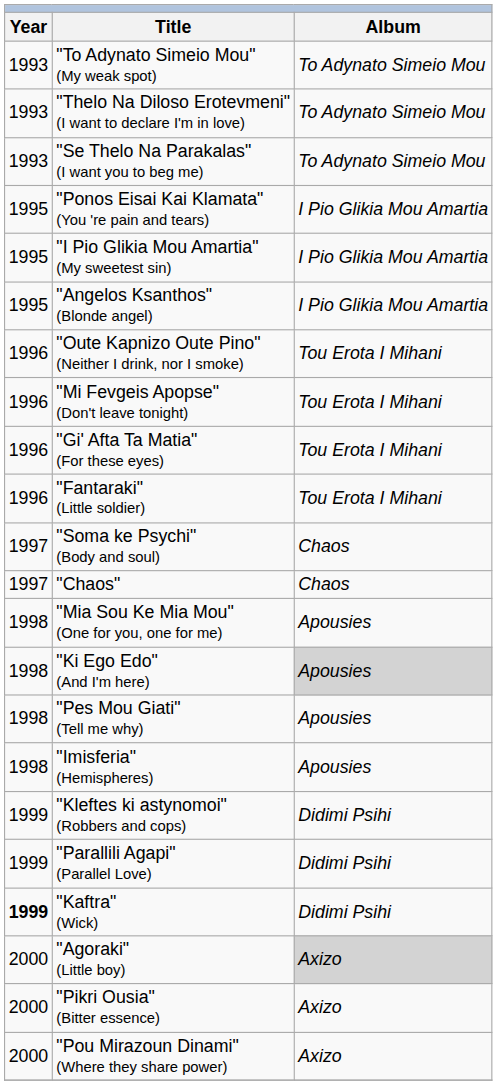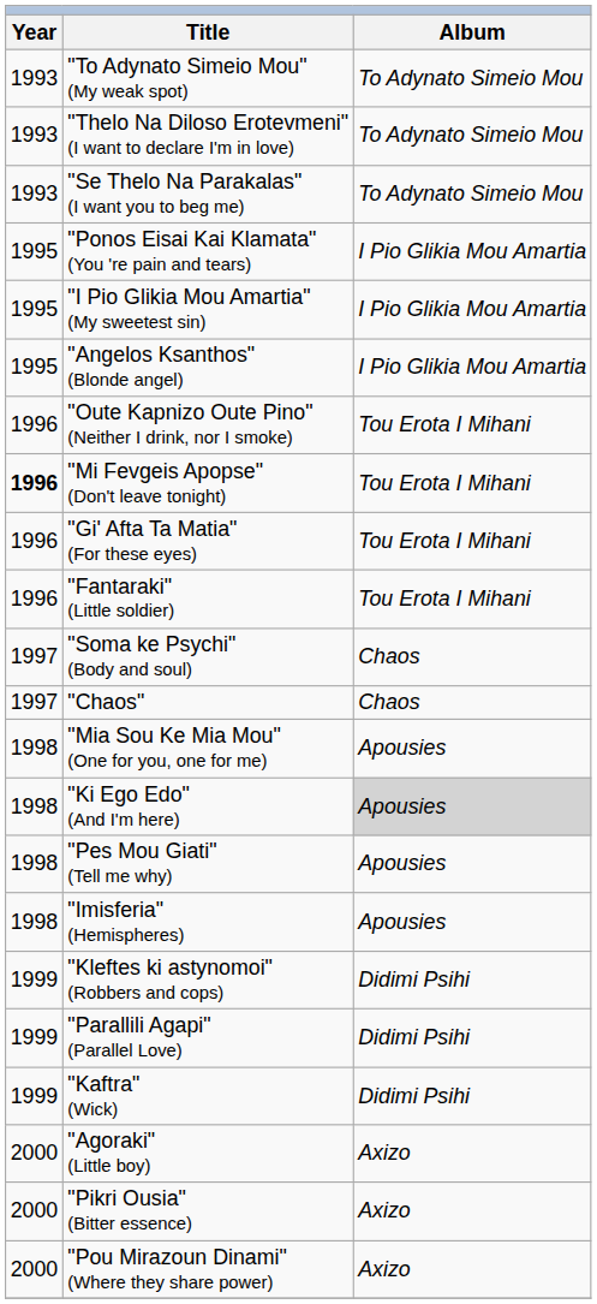 <table class="wikitable">
 <tr>
 <th colspan="4" style="background: LightSteelBlue;"></th>
 </tr>
 <tr style="background:#ccc; text-align:center;">
 <th>Year</th>
 <th>Title</th>
 <th>Album</th>
 </tr>
 <tr>
 <td>1993</td>
 <td>"To Adynato Simeio Mou"<br><small>(My weak spot)</small></td>
 <td><em>To Adynato Simeio Mou</em></td>
 </tr>
 <tr>
 <td>1993</td>
 <td>"Thelo Na Diloso Erotevmeni"<br><small>(I want to declare I'm in love)</small></td>
 <td><em>To Adynato Simeio Mou</em></td>
 </tr>
 <tr>
 <td>1993</td>
 <td>"Se Thelo Na Parakalas"<br><small>(I want you to beg me)</small></td>
 <td><em>To Adynato Simeio Mou</em></td>
 </tr>
 <tr>
 <td>1995</td>
 <td>"Ponos Eisai Kai Klamata"<br><small>(You 're pain and tears)</small></td>
 <td><em>I Pio Glikia Mou Amartia</em></td>
 </tr>
 <tr>
 <td>1995</td>
 <td>"I Pio Glikia Mou Amartia"<br><small>(My sweetest sin)</small></td>
 <td><em>I Pio Glikia Mou Amartia</em></td>
 </tr>
 <tr>
 <td>1995</td>
 <td>"Angelos Ksanthos"<br><small>(Blonde angel)</small></td>
 <td><em>I Pio Glikia Mou Amartia</em></td>
 </tr>
 <tr>
 <td>1996</td>
 <td>"Oute Kapnizo Oute Pino"<br><small>(Neither I drink, nor I smoke)</small></td>
 <td><em>Tou Erota I Mihani</em></td>
 </tr>
 <tr>
-<td>1996</td>
+<td><strong>1996</strong></td>
 <td>"Mi Fevgeis Apopse"<br><small>(Don't leave tonight)</small></td>
 <td><em>Tou Erota I Mihani</em></td>
 </tr>
 <tr>
 <td>1996</td>
 <td>"Gi' Afta Ta Matia"<br><small>(For these eyes)</small></td>
 <td><em>Tou Erota I Mihani</em></td>
 </tr>
 <tr>
 <td>1996</td>
 <td>"Fantaraki"<br><small>(Little soldier)</small></td>
 <td><em>Tou Erota I Mihani</em></td>
 </tr>
 <tr>
 <td>1997</td>
 <td>"Soma ke Psychi"<br><small>(Body and soul)</small></td>
 <td><em>Chaos</em></td>
 </tr>
 <tr>
 <td>1997</td>
 <td>"Chaos"<br></td>
 <td><em>Chaos</em></td>
 </tr>
 <tr>
 <td>1998</td>
 <td>"Mia Sou Ke Mia Mou"<br><small>(One for you, one for me)</small></td>
 <td><em>Apousies</em></td>
 </tr>
 <tr>
 <td>1998</td>
 <td>"Ki Ego Edo"<br><small>(And I'm here)</small></td>
 <td style="background: lightgrey;"><em>Apousies</em></td>
 </tr>
 <tr>
 <td>1998</td>
 <td>"Pes Mou Giati"<br><small>(Tell me why)</small></td>
 <td><em>Apousies</em></td>
 </tr>
 <tr>
 <td>1998</td>
 <td>"Imisferia"<br><small>(Hemispheres)</small></td>
 <td><em>Apousies</em></td>
 </tr>
 <tr>
 <td>1999</td>
 <td>"Kleftes ki astynomoi"<br><small>(Robbers and cops)</small></td>
 <td><em>Didimi Psihi</em></td>
 </tr>
 <tr>
 <td>1999</td>
 <td>"Parallili Agapi"<br><small>(Parallel Love)</small></td>
 <td><em>Didimi Psihi</em></td>
 </tr>
 <tr>
-<td><strong>1999</strong></td>
+<td>1999</td>
 <td>"Kaftra"<br><small>(Wick)</small></td>
 <td><em>Didimi Psihi</em></td>
 </tr>
 <tr>
 <td>2000</td>
 <td>"Agoraki"<br><small>(Little boy)</small></td>
-<td style="background: lightgrey;"><em>Axizo</em></td>
+<td><em>Axizo</em></td>
 </tr>
 <tr>
 <td>2000</td>
 <td>"Pikri Ousia"<br><small>(Bitter essence)</small></td>
 <td><em>Axizo</em></td>
 </tr>
 <tr>
 <td>2000</td>
 <td>"Pou Mirazoun Dinami"<br><small>(Where they share power)</small></td>
 <td><em>Axizo</em></td>
 </tr>
 <tr>
 </tr>
 </table>
